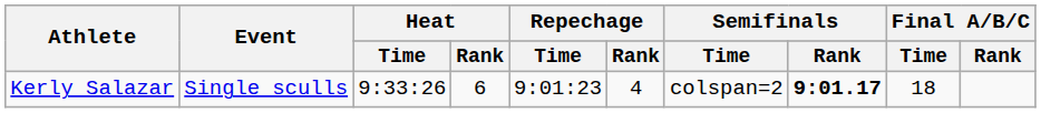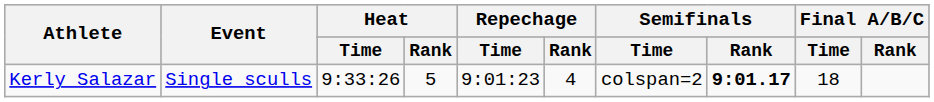 <table class=wikitable style=font-size:90%;text-align:center>
 <tr>
 <th rowspan=2>Athlete</th>
 <th rowspan=2>Event</th>
 <th colspan=2>Heat</th>
 <th colspan=2>Repechage</th>
 <th colspan=2>Semifinals</th>
 <th colspan=2>Final A/B/C</th>
 </tr>
 <tr style=font-size:95%>
 <th>Time</th>
 <th>Rank</th>
 <th>Time</th>
 <th>Rank</th>
 <th>Time</th>
 <th>Rank</th>
 <th>Time</th>
 <th>Rank</th>
 </tr>
 <tr align=center>
 <td align=left><a href='#'>Kerly Salazar</a></td>
 <td align=left><a href='#'>Single sculls</a></td>
 <td>9:33:26</td>
-<td>6 <strong></strong></td>
+<td>5 <strong></strong></td>
 <td>9:01:23</td>
 <td>4 <strong></strong></td>
 <td>colspan=2 </td>
 <td><strong>9:01.17</strong></td>
 <td>18</td>
 </tr>
 </table>
